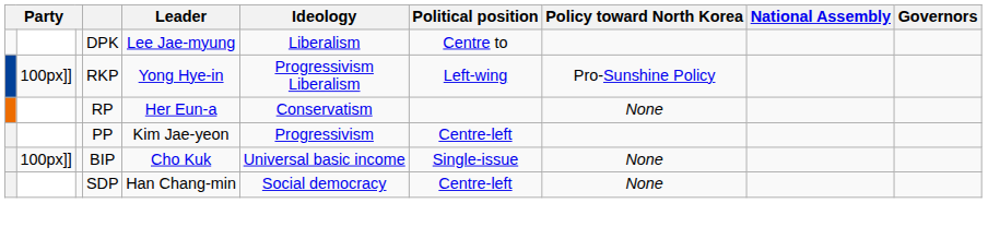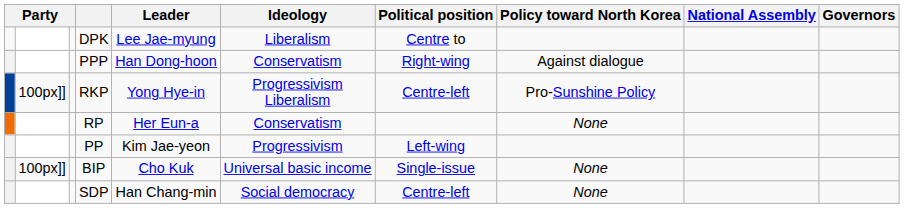 <table class="wikitable" style="text-align:center">
 <tr>
 <th colspan="3">Party</th>
 <th></th>
 <th>Leader</th>
 <th>Ideology</th>
 <th>Political position</th>
 <th>Policy toward North Korea</th>
 <th><a href='#'>National Assembly</a></th>
 <th>Governors</th>
 </tr>
 <tr>
 <td style="background:"> </td>
 <td style="background:white;"></td>
 <td></td>
 <td>DPK</td>
 <td><a href='#'>Lee Jae-myung</a></td>
 <td><a href='#'>Liberalism</a></td>
 <td><a href='#'>Centre</a> to </td>
 <td></td>
 <td></td>
 <td></td>
 </tr>
 <tr>
+<th style="background:"> </th>
+<td style="background:white;"></td>
+<td></td>
+<td>PPP</td>
+<td><a href='#'>Han Dong-hoon</a></td>
+<td><a href='#'>Conservatism</a></td>
+<td><a href='#'>Right-wing</a></td>
+<td>Against dialogue</td>
+<td></td>
+<td></td>
+</tr>
+<tr>
 <th style="background:#004098"></th>
 <td [[File:조국혁신당 로고.svg>100px]]</td>
 <td></td>
 <td>RKP</td>
 <td><a href='#'>Yong Hye-in</a></td>
 <td><a href='#'>Progressivism</a><br><a href='#'>Liberalism</a></td>
-<td><a href='#'>Left-wing</a></td>
+<td><a href='#'>Centre-left</a></td>
 <td>Pro-<a href='#'>Sunshine Policy</a></td>
 <td></td>
 <td></td>
 </tr>
 <tr>
 <th style="background:#ED6D00"></th>
 <td style="background:white;"></td>
 <td></td>
 <td>RP</td>
 <td><a href='#'>Her Eun-a</a></td>
 <td><a href='#'>Conservatism</a></td>
 <td></td>
 <td><em>None</em></td>
 <td></td>
 <td></td>
 </tr>
 <tr>
 <th style="background:"></th>
 <td style="background:white;"></td>
 <td></td>
 <td>PP</td>
 <td>Kim Jae-yeon</td>
 <td><a href='#'>Progressivism</a></td>
-<td><a href='#'>Centre-left</a></td>
+<td><a href='#'>Left-wing</a></td>
 <td></td>
 <td></td>
 <td></td>
 </tr>
 <tr>
 <th style="background:"></th>
 <td [[File:Logo of the Basic Income Party.svg>100px]]</td>
 <td></td>
 <td>BIP</td>
 <td><a href='#'>Cho Kuk</a></td>
 <td><a href='#'>Universal basic income</a></td>
 <td><a href='#'>Single-issue</a></td>
 <td><em>None</em></td>
 <td></td>
 <td></td>
 </tr>
 <tr>
 <th style="background:"></th>
 <td style="background:white;"></td>
 <td></td>
 <td>SDP</td>
 <td>Han Chang-min</td>
 <td><a href='#'>Social democracy</a></td>
 <td><a href='#'>Centre-left</a></td>
 <td><em>None</em></td>
 <td></td>
 <td></td>
 </tr>
 </table>
